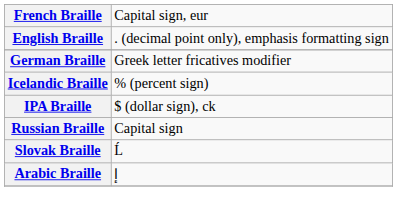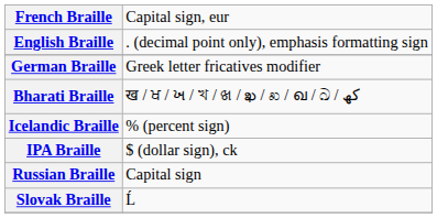 <table class="wikitable">
 <tr>
 <th align=left><a href='#'>French Braille</a></th>
 <td>Capital sign, eur</td>
 </tr>
 <tr>
 <th align=left><a href='#'>English Braille</a></th>
 <td>. (decimal point only), emphasis formatting sign</td>
 </tr>
 <tr>
 </tr>
 <tr>
 <th align=left><a href='#'>German Braille</a></th>
 <td>Greek letter fricatives modifier</td>
+</tr>
+<tr>
+<th align=left><a href='#'>Bharati Braille</a></th>
+<td>ख / ਖ / ખ / খ / ଖ / ఖ / ಖ / ഖ / ඛ / کھ ‎</td>
 </tr>
 <tr>
 <th align=left><a href='#'>Icelandic Braille</a></th>
 <td>% (percent sign)</td>
 </tr>
 <tr>
 <th align=left><a href='#'>IPA Braille</a></th>
 <td>$ (dollar sign), ck</td>
 </tr>
 <tr>
 <th align=left><a href='#'>Russian Braille</a></th>
 <td>Capital sign</td>
 </tr>
 <tr>
 <th align=left><a href='#'>Slovak Braille</a></th>
 <td>Ĺ</td>
 </tr>
 <tr>
-<th align=left><a href='#'>Arabic Braille</a></th>
-<td>إ</td>
-</tr>
-<tr>
 </tr>
 <tr>
 </tr>
 <tr>
 </tr>
 <tr>
 </tr>
 </table>
